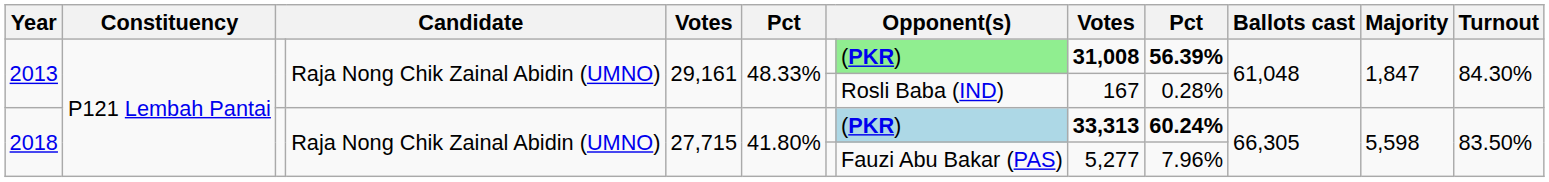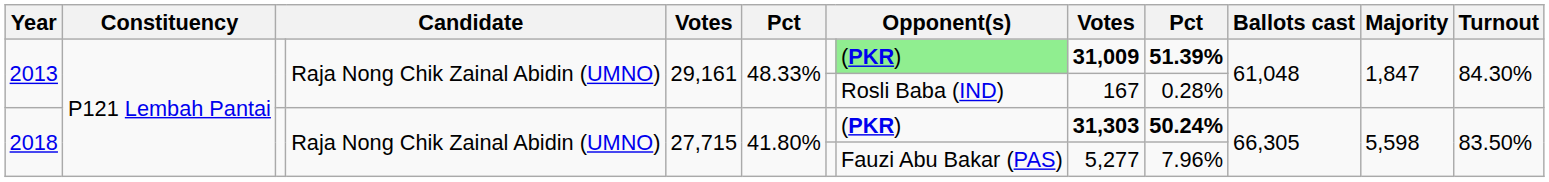 <table class="wikitable" style="margin:0.5em ; font-size:95%">
 <tr>
 <th>Year</th>
 <th>Constituency</th>
 <th colspan=2>Candidate</th>
 <th>Votes</th>
 <th>Pct</th>
 <th colspan=2>Opponent(s)</th>
 <th>Votes</th>
 <th>Pct</th>
 <th>Ballots cast</th>
 <th>Majority</th>
 <th>Turnout</th>
 </tr>
 <tr>
 <td rowspan="2"><a href='#'>2013</a></td>
 <td rowspan=4>P121 <a href='#'>Lembah Pantai</a></td>
 <td rowspan="2" ></td>
 <td rowspan="2">Raja Nong Chik Zainal Abidin (<a href='#'>UMNO</a>)</td>
 <td rowspan="2" align="right">29,161</td>
 <td rowspan="2">48.33%</td>
 <td></td>
 <td style="background: lightgreen;"> (<a href='#'><strong>PKR</strong></a>)</td>
-<td align="right"><strong>31,008</strong></td>
-<td><strong>56.39%</strong></td>
+<td align="right"><strong>31,009</strong></td>
+<td><strong>51.39%</strong></td>
 <td rowspan="2">61,048</td>
 <td rowspan="2">1,847</td>
 <td rowspan="2">84.30%</td>
 </tr>
 <tr>
 <td></td>
 <td>Rosli Baba (<a href='#'>IND</a>)</td>
 <td align="right">167</td>
 <td align="right">0.28%</td>
 </tr>
 <tr>
 <td rowspan="2"><a href='#'>2018</a></td>
 <td rowspan="2" ></td>
 <td rowspan="2">Raja Nong Chik Zainal Abidin (<a href='#'>UMNO</a>)</td>
 <td rowspan="2" align="right">27,715</td>
 <td rowspan="2">41.80%</td>
 <td></td>
-<td style="background: lightblue;"> (<a href='#'><strong>PKR</strong></a>)</td>
-<td align="right"><strong>33,313</strong></td>
-<td><strong>60.24%</strong></td>
+<td> (<a href='#'><strong>PKR</strong></a>)</td>
+<td align="right"><strong>31,303</strong></td>
+<td><strong>50.24%</strong></td>
 <td rowspan="2">66,305</td>
 <td rowspan="2">5,598</td>
 <td rowspan="2">83.50%</td>
 </tr>
 <tr>
 <td></td>
 <td>Fauzi Abu Bakar (<a href='#'>PAS</a>)</td>
 <td align="right">5,277</td>
 <td align="right">7.96%</td>
 </tr>
 </table>
